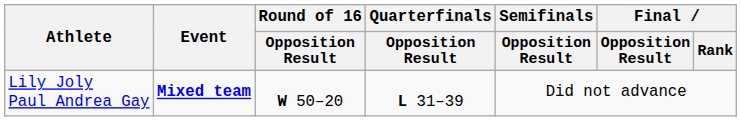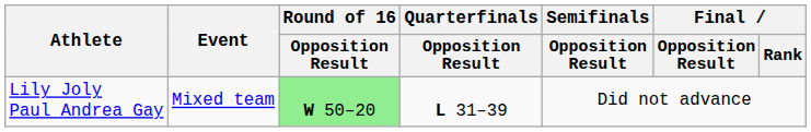 <table class="wikitable" style="font-size:90%">
 <tr>
 <th rowspan="2">Athlete</th>
 <th rowspan="2">Event</th>
 <th>Round of 16</th>
 <th>Quarterfinals</th>
 <th>Semifinals</th>
 <th colspan=2>Final / </th>
 </tr>
 <tr style="font-size:95%">
 <th>Opposition<br>Result</th>
 <th>Opposition<br>Result</th>
 <th>Opposition<br>Result</th>
 <th>Opposition<br>Result</th>
 <th>Rank</th>
 </tr>
 <tr align=center>
 <td align=left><a href='#'>Lily Joly</a><br><a href='#'>Paul Andrea Gay</a></td>
-<td align=left><strong><a href='#'>Mixed team</a></strong></td>
-<td><br><strong>W</strong> 50–20</td>
+<td align=left><a href='#'>Mixed team</a></td>
+<td style="background: lightgreen;"><br><strong>W</strong> 50–20</td>
 <td><br><strong>L</strong> 31–39</td>
 <td colspan=3>Did not advance</td>
 </tr>
 </table>
